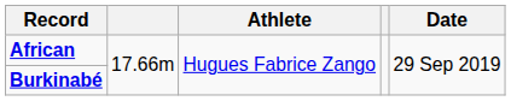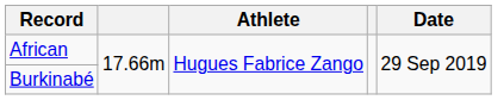 <table class="wikitable">
 <tr>
 <th>Record</th>
 <th></th>
 <th>Athlete</th>
 <th></th>
 <th>Date</th>
 </tr>
 <tr>
-<td><strong><a href='#'>African</a></strong></td>
+<td><a href='#'>African</a></td>
 <td rowspan=2>17.66m</td>
 <td rowspan=2><a href='#'>Hugues Fabrice Zango</a></td>
 <td rowspan=2></td>
 <td rowspan=2 align=right>29 Sep 2019</td>
 </tr>
 <tr>
-<td><strong><a href='#'>Burkinabé</a></strong></td>
+<td><a href='#'>Burkinabé</a></td>
 </tr>
 </table>
